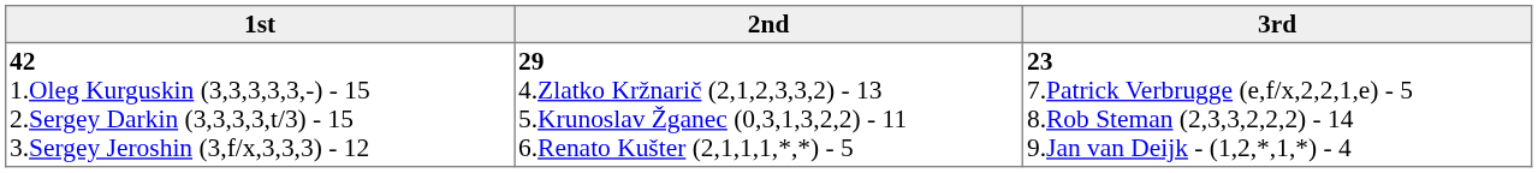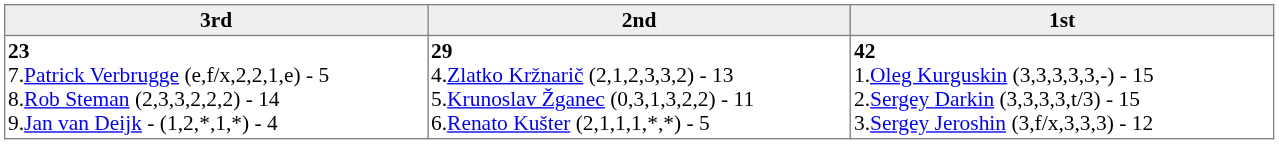 <table border=1 cellpadding=2 cellspacing=0 width=75% style="border-collapse:collapse">
 <tr align=left style="background:#efefef;">
+<th width=15% align=center >3rd</th>
+<th width=15% align=center >2nd</th>
 <th width=15% align=center >1st</th>
-<th width=15% align=center >2nd</th>
-<th width=15% align=center >3rd</th>
 </tr>
 <tr align=left>
+<td valign=top align=left ><strong> 23</strong><br>7.<a href='#'>Patrick Verbrugge</a> (e,f/x,2,2,1,e) - 5 <br>8.<a href='#'>Rob Steman</a> (2,3,3,2,2,2)  - 14 <br>9.<a href='#'>Jan van Deijk</a> - (1,2,*,1,*) - 4</td>
+<td valign=top align=left ><strong> 29</strong><br>4.<a href='#'>Zlatko Kržnarič</a> (2,1,2,3,3,2) - 13<br>5.<a href='#'>Krunoslav Žganec</a> (0,3,1,3,2,2) - 11<br>6.<a href='#'>Renato Kušter</a> (2,1,1,1,*,*) - 5</td>
 <td valign=top align=left ><strong> 42</strong><br>1.<a href='#'>Oleg Kurguskin</a> (3,3,3,3,3,-) - 15<br>2.<a href='#'>Sergey Darkin</a> (3,3,3,3,t/3) - 15<br>3.<a href='#'>Sergey Jeroshin</a> (3,f/x,3,3,3) - 12</td>
-<td valign=top align=left ><strong> 29</strong><br>4.<a href='#'>Zlatko Kržnarič</a> (2,1,2,3,3,2) - 13<br>5.<a href='#'>Krunoslav Žganec</a> (0,3,1,3,2,2) - 11<br>6.<a href='#'>Renato Kušter</a> (2,1,1,1,*,*) - 5</td>
-<td valign=top align=left ><strong> 23</strong><br>7.<a href='#'>Patrick Verbrugge</a> (e,f/x,2,2,1,e) - 5 <br>8.<a href='#'>Rob Steman</a> (2,3,3,2,2,2)  - 14 <br>9.<a href='#'>Jan van Deijk</a> - (1,2,*,1,*) - 4</td>
 </tr>
 </table>
